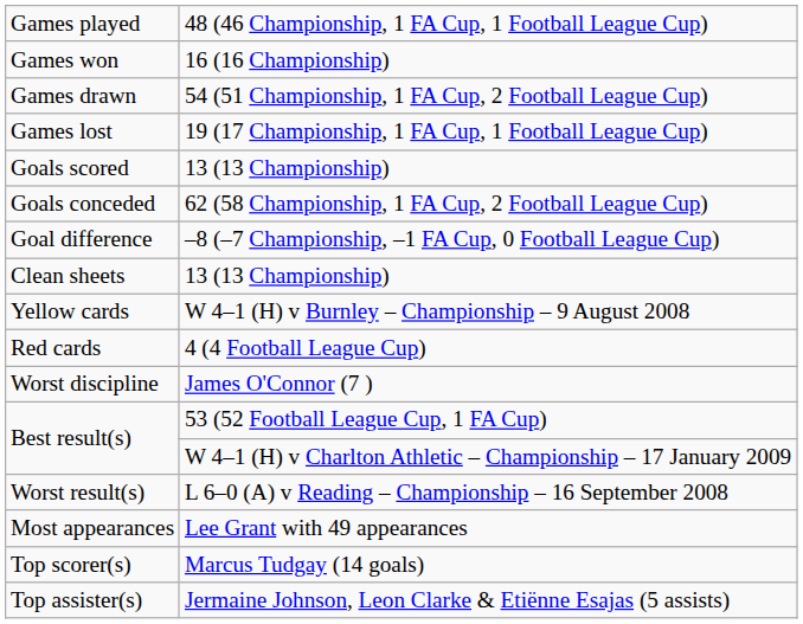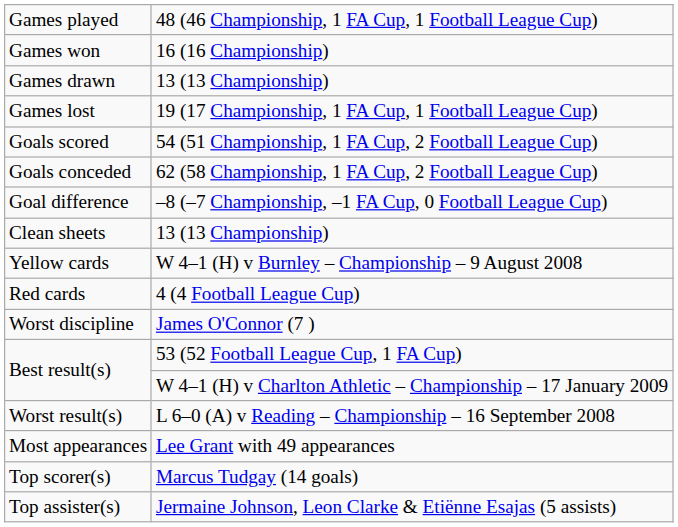 <table class="wikitable">
 <tr>
 <td>Games played</td>
 <td>48 (46 <a href='#'>Championship</a>, 1 <a href='#'>FA Cup</a>, 1 <a href='#'>Football League Cup</a>)</td>
 </tr>
 <tr>
 <td>Games won</td>
 <td>16 (16 <a href='#'>Championship</a>)</td>
 </tr>
 <tr>
 <td>Games drawn</td>
-<td>54 (51 <a href='#'>Championship</a>, 1 <a href='#'>FA Cup</a>, 2 <a href='#'>Football League Cup</a>)</td>
+<td>13 (13 <a href='#'>Championship</a>)</td>
 </tr>
 <tr>
 <td>Games lost</td>
 <td>19 (17 <a href='#'>Championship</a>, 1 <a href='#'>FA Cup</a>, 1 <a href='#'>Football League Cup</a>)</td>
 </tr>
 <tr>
 <td>Goals scored</td>
-<td>13 (13 <a href='#'>Championship</a>)</td>
+<td>54 (51 <a href='#'>Championship</a>, 1 <a href='#'>FA Cup</a>, 2 <a href='#'>Football League Cup</a>)</td>
 </tr>
 <tr>
 <td>Goals conceded</td>
 <td>62 (58 <a href='#'>Championship</a>, 1 <a href='#'>FA Cup</a>, 2 <a href='#'>Football League Cup</a>)</td>
 </tr>
 <tr>
 <td>Goal difference</td>
 <td>–8 (–7 <a href='#'>Championship</a>, –1 <a href='#'>FA Cup</a>, 0 <a href='#'>Football League Cup</a>)</td>
 </tr>
 <tr>
 <td>Clean sheets</td>
 <td>13 (13 <a href='#'>Championship</a>)</td>
 </tr>
 <tr>
 <td>Yellow cards</td>
 <td>W 4–1 (H) v <a href='#'>Burnley</a> – <a href='#'>Championship</a> – 9 August 2008</td>
 </tr>
 <tr>
 <td>Red cards</td>
 <td>4 (4 <a href='#'>Football League Cup</a>)</td>
 </tr>
 <tr>
 <td>Worst discipline</td>
 <td> <a href='#'>James O'Connor</a> (7 )</td>
 </tr>
 <tr>
 <td rowspan=2>Best result(s)</td>
 <td>53 (52 <a href='#'>Football League Cup</a>, 1 <a href='#'>FA Cup</a>)</td>
 </tr>
 <tr>
 <td>W 4–1 (H) v <a href='#'>Charlton Athletic</a> – <a href='#'>Championship</a> – 17 January 2009</td>
 </tr>
 <tr>
 <td>Worst result(s)</td>
 <td>L 6–0 (A) v <a href='#'>Reading</a> – <a href='#'>Championship</a> – 16 September 2008</td>
 </tr>
 <tr>
 <td>Most appearances</td>
 <td> <a href='#'>Lee Grant</a> with 49 appearances</td>
 </tr>
 <tr>
 <td>Top scorer(s)</td>
 <td> <a href='#'>Marcus Tudgay</a> (14 goals)</td>
 </tr>
 <tr>
 <td>Top assister(s)</td>
 <td> <a href='#'>Jermaine Johnson</a>,  <a href='#'>Leon Clarke</a> &  <a href='#'>Etiënne Esajas</a> (5 assists)</td>
 </tr>
 </table>
